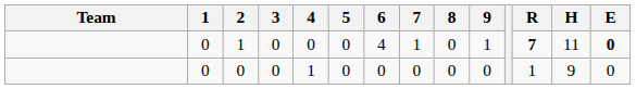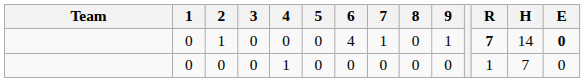 <table border=1 cellspacing=0 width=600 style="margin-left:3em;" class="wikitable">
 <tr style="text-align:center; background-color:#e6e6e6;">
 <th align=left width=28%>Team</th>
 <th width=5.4%>1</th>
 <th width=5.4%>2</th>
 <th width=5.4%>3</th>
 <th width=5.4%>4</th>
 <th width=5.4%>5</th>
 <th width=5.4%>6</th>
 <th width=5.4%>7</th>
 <th width=5.4%>8</th>
 <th width=5.4%>9</th>
 <th rowspan="3" width=0.5%></th>
 <th width=6%>R</th>
 <th width=6%>H</th>
 <th width=6%>E</th>
 </tr>
 <tr style="text-align:center;">
 <td align=left></td>
 <td>0</td>
 <td>1</td>
 <td>0</td>
 <td>0</td>
 <td>0</td>
 <td>4</td>
 <td>1</td>
 <td>0</td>
 <td>1</td>
 <td><strong>7</strong></td>
-<td>11</td>
+<td>14</td>
 <td><strong>0</strong></td>
 </tr>
 <tr style="text-align:center;">
 <td align=left></td>
 <td>0</td>
 <td>0</td>
 <td>0</td>
 <td>1</td>
 <td>0</td>
 <td>0</td>
 <td>0</td>
 <td>0</td>
 <td>0</td>
 <td>1</td>
-<td>9</td>
+<td>7</td>
 <td>0</td>
 </tr>
 </table>
